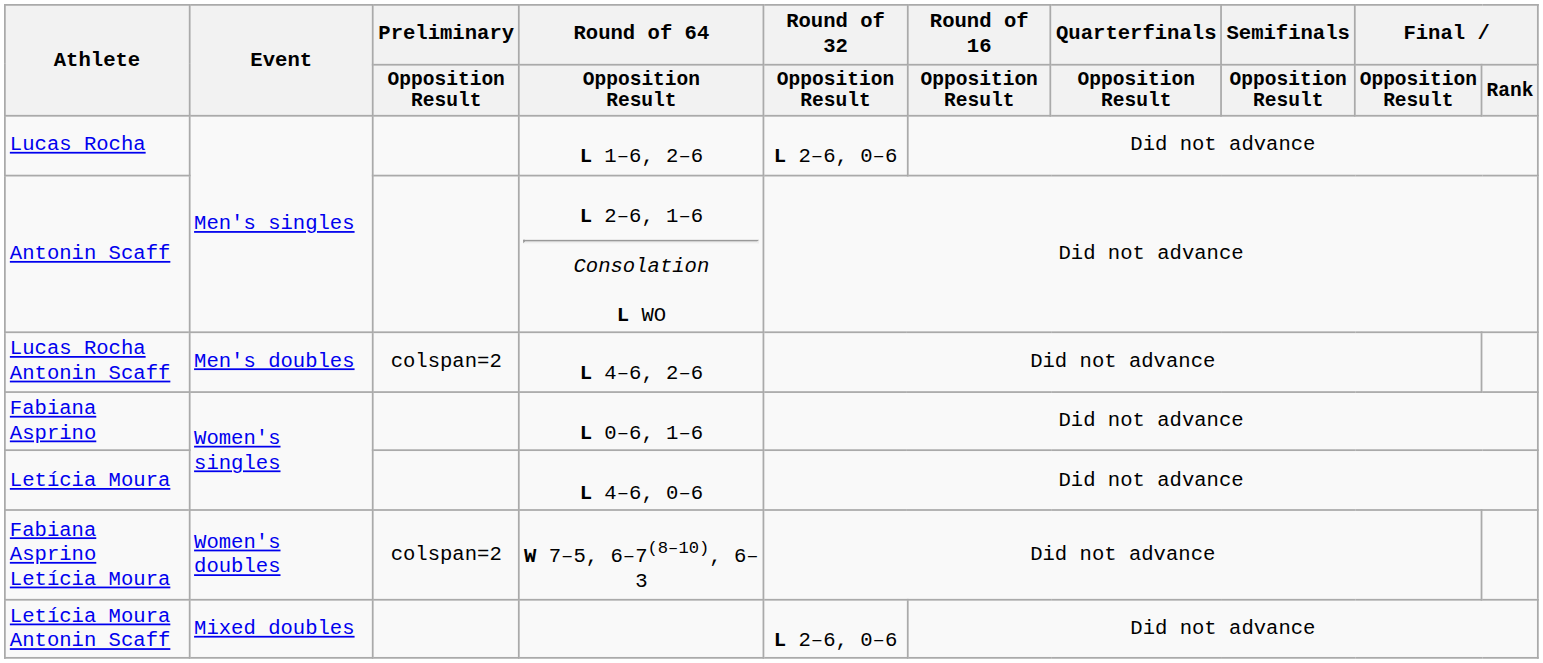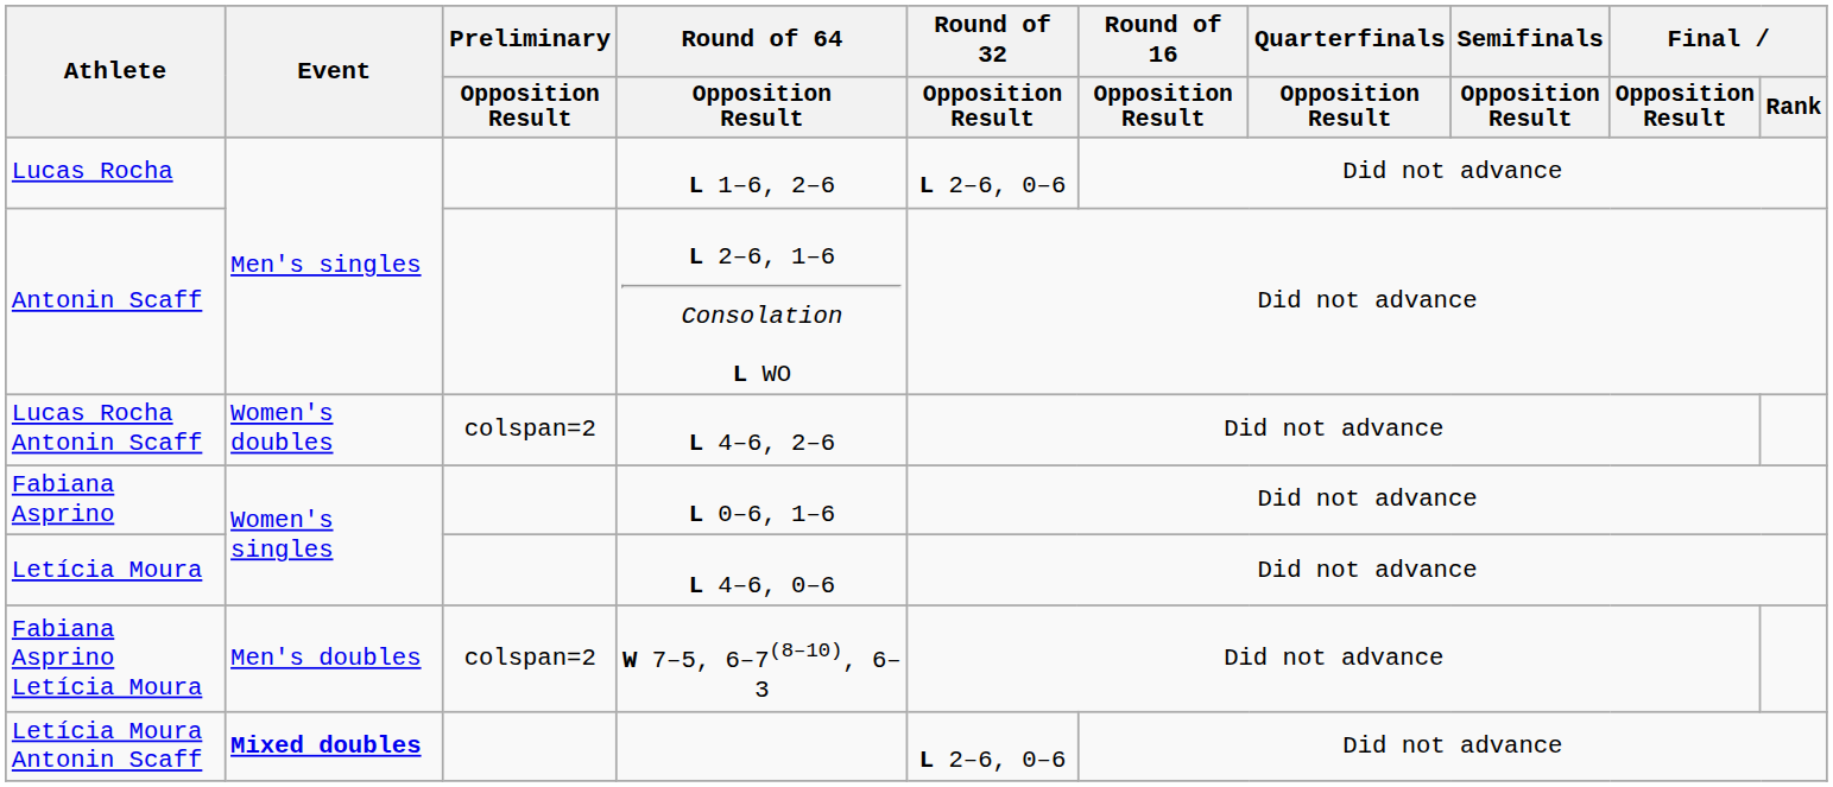 <table class="wikitable" style="font-size:90%;">
 <tr>
 <th rowspan=2>Athlete</th>
 <th rowspan=2>Event</th>
 <th>Preliminary</th>
 <th>Round of 64</th>
 <th>Round of 32</th>
 <th>Round of 16</th>
 <th>Quarterfinals</th>
 <th>Semifinals</th>
 <th colspan=2>Final / </th>
 </tr>
 <tr style="font-size:95%">
 <th>Opposition<br>Result</th>
 <th>Opposition<br>Result</th>
 <th>Opposition<br>Result</th>
 <th>Opposition<br>Result</th>
 <th>Opposition<br>Result</th>
 <th>Opposition<br>Result</th>
 <th>Opposition<br>Result</th>
 <th>Rank</th>
 </tr>
 <tr align=center>
 <td align=left><a href='#'>Lucas Rocha</a></td>
 <td align=left rowspan=2><a href='#'>Men's singles</a></td>
 <td></td>
 <td><br><strong>L</strong> 1–6, 2–6</td>
 <td><br> <strong>L</strong> 2–6, 0–6</td>
 <td colspan=5>Did not advance</td>
 </tr>
 <tr align=center>
 <td align=left><a href='#'>Antonin Scaff</a></td>
 <td></td>
 <td><br><strong>L</strong> 2–6, 1–6<hr> <em>Consolation</em><br><br><strong>L</strong> WO</td>
 <td colspan=6>Did not advance</td>
 </tr>
 <tr align=center>
 <td align=left><a href='#'>Lucas Rocha</a><br><a href='#'>Antonin Scaff</a></td>
-<td align=left><a href='#'>Men's doubles</a></td>
+<td align=left><a href='#'>Women's doubles</a></td>
 <td>colspan=2 </td>
 <td><br><strong>L</strong> 4–6, 2–6</td>
 <td colspan=5>Did not advance</td>
 </tr>
 <tr align=center>
 <td align=left><a href='#'>Fabiana Asprino</a></td>
 <td align=left rowspan=2><a href='#'>Women's singles</a></td>
 <td></td>
 <td><br><strong>L</strong> 0–6, 1–6</td>
 <td colspan=6>Did not advance</td>
 </tr>
 <tr align=center>
 <td align=left><a href='#'>Letícia Moura</a></td>
 <td></td>
 <td><br><strong>L</strong> 4–6, 0–6</td>
 <td colspan=6>Did not advance</td>
 </tr>
 <tr align=center>
 <td align=left><a href='#'>Fabiana Asprino</a><br><a href='#'>Letícia Moura</a></td>
-<td align=left><a href='#'>Women's doubles</a></td>
+<td align=left><a href='#'>Men's doubles</a></td>
 <td>colspan=2 </td>
 <td><br><strong>W</strong> 7–5, 6–7<sup>(8–10)</sup>, 6–3</td>
 <td colspan=5>Did not advance</td>
 </tr>
 <tr align=center>
 <td align=left><a href='#'>Letícia Moura</a><br><a href='#'>Antonin Scaff</a></td>
-<td align=left><a href='#'>Mixed doubles</a></td>
+<td align=left><strong><a href='#'>Mixed doubles</a></strong></td>
 <td></td>
 <td></td>
 <td><br><strong>L</strong> 2–6, 0–6</td>
 <td colspan=5>Did not advance</td>
 </tr>
 </table>
